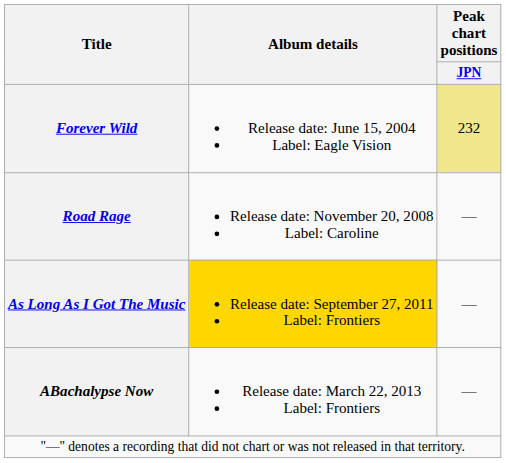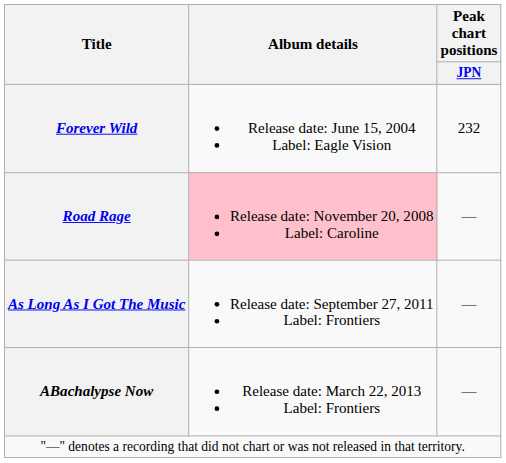 <table class="wikitable plainrowheaders" style="text-align:center;">
 <tr>
 <th scope="col" rowspan="2">Title</th>
 <th scope="col" rowspan="2">Album details</th>
 <th scope="col">Peak chart positions</th>
 </tr>
 <tr>
 <th scope="col" style="width:3em;font-size:90%;"><a href='#'>JPN</a><br></th>
 </tr>
 <tr>
 <th scope="row"><em><a href='#'>Forever Wild</a></em></th>
 <td><br><ul><li>Release date: June 15, 2004</li><li>Label: Eagle Vision</li></ul></td>
-<td style="background: khaki;">232</td>
+<td>232</td>
 </tr>
 <tr>
 <th scope="row"><em><a href='#'>Road Rage</a></em></th>
-<td><br><ul><li>Release date: November 20, 2008</li><li>Label: Caroline</li></ul></td>
+<td style="background: pink;"><br><ul><li>Release date: November 20, 2008</li><li>Label: Caroline</li></ul></td>
 <td>—</td>
 </tr>
 <tr>
 <th scope="row"><em><a href='#'>As Long As I Got The Music</a></em></th>
-<td style="background: gold;"><br><ul><li>Release date: September 27, 2011</li><li>Label: Frontiers</li></ul></td>
+<td><br><ul><li>Release date: September 27, 2011</li><li>Label: Frontiers</li></ul></td>
 <td>—</td>
 </tr>
 <tr>
 <th scope="row"><em>ABachalypse Now</em></th>
 <td><br><ul><li>Release date: March 22, 2013</li><li>Label: Frontiers</li></ul></td>
 <td>—</td>
 </tr>
 <tr>
 <td colspan="15" style="font-size:90%">"—" denotes a recording that did not chart or was not released in that territory.</td>
 </tr>
 </table>
